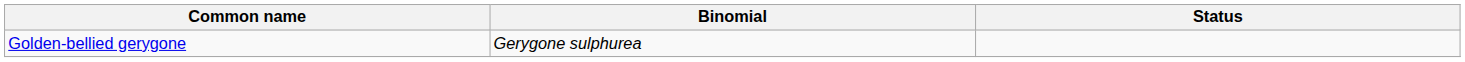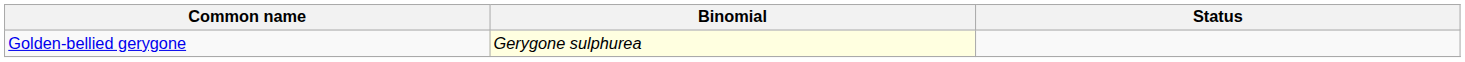 <table width=72% class="wikitable">
 <tr>
 <th width=24%>Common name</th>
 <th width=24%>Binomial</th>
 <th width=24%>Status</th>
 </tr>
 <tr>
 <td><a href='#'>Golden-bellied gerygone</a></td>
-<td><em>Gerygone sulphurea</em></td>
+<td style="background: lightyellow;"><em>Gerygone sulphurea</em></td>
 <td></td>
 </tr>
 <tr>
 </tr>
 </table>
